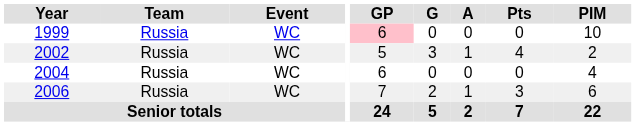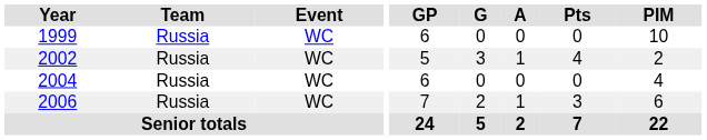 <table border="0" cellpadding="1" cellspacing="0" ID="Table3" style="text-align:center; width:40em">
 <tr bgcolor="#e0e0e0">
 <th>Year</th>
 <th>Team</th>
 <th>Event</th>
 <th rowspan="102" bgcolor="#ffffff"></th>
 <th>GP</th>
 <th>G</th>
 <th>A</th>
 <th>Pts</th>
 <th>PIM</th>
 </tr>
 <tr>
 <td><a href='#'>1999</a></td>
 <td><a href='#'>Russia</a></td>
 <td><a href='#'>WC</a></td>
-<td style="background: pink;">6</td>
+<td>6</td>
 <td>0</td>
 <td>0</td>
 <td>0</td>
 <td>10</td>
 </tr>
 <tr bgcolor="#f0f0f0">
 <td><a href='#'>2002</a></td>
 <td>Russia</td>
 <td>WC</td>
 <td>5</td>
 <td>3</td>
 <td>1</td>
 <td>4</td>
 <td>2</td>
 </tr>
 <tr>
 <td><a href='#'>2004</a></td>
 <td>Russia</td>
 <td>WC</td>
 <td>6</td>
 <td>0</td>
 <td>0</td>
 <td>0</td>
 <td>4</td>
 </tr>
 <tr bgcolor="#f0f0f0">
 <td><a href='#'>2006</a></td>
 <td>Russia</td>
 <td>WC</td>
 <td>7</td>
 <td>2</td>
 <td>1</td>
 <td>3</td>
 <td>6</td>
 </tr>
 <tr bgcolor="#e0e0e0">
 <th colspan="3">Senior totals</th>
 <th>24</th>
 <th>5</th>
 <th>2</th>
 <th>7</th>
 <th>22</th>
 </tr>
 </table>
